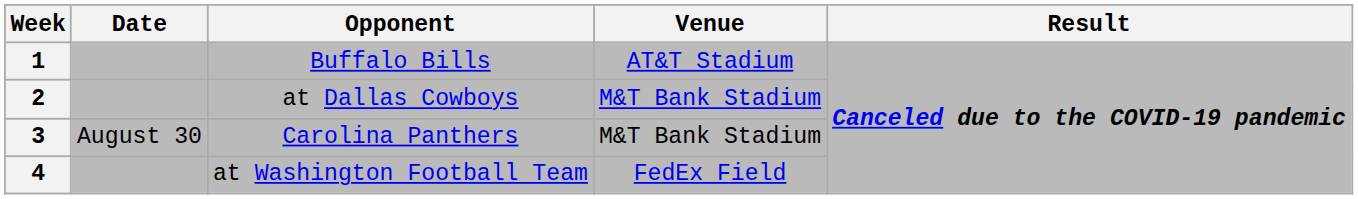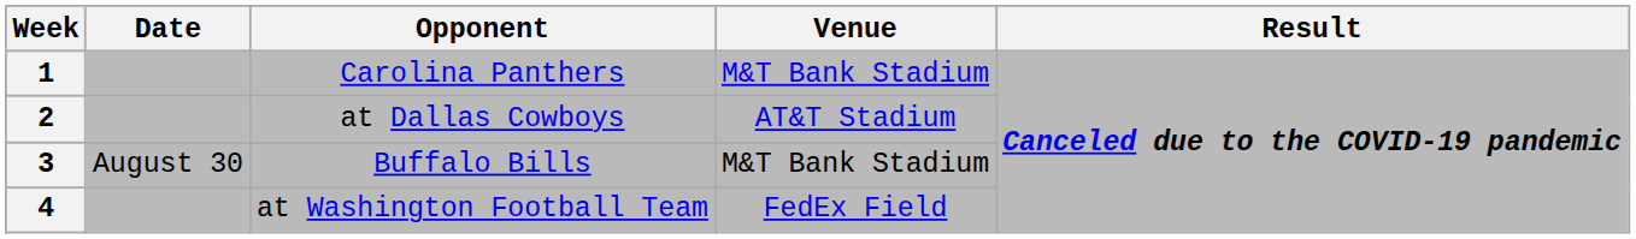 <table class="wikitable" style="text-align:center">
 <tr>
 <th>Week</th>
 <th>Date</th>
 <th>Opponent</th>
 <th>Venue</th>
 <th>Result</th>
 </tr>
 <tr style="background:#bababa">
 <th>1</th>
 <td></td>
-<td><a href='#'>Buffalo Bills</a></td>
-<td><a href='#'>AT&T Stadium</a></td>
+<td><a href='#'>Carolina Panthers</a></td>
+<td><a href='#'>M&T Bank Stadium</a></td>
 <td rowspan=4><strong><em><a href='#'>Canceled</a> due to the COVID-19 pandemic</em></strong></td>
 </tr>
 <tr style="background:#bababa">
 <th>2</th>
 <td></td>
 <td>at <a href='#'>Dallas Cowboys</a></td>
-<td><a href='#'>M&T Bank Stadium</a></td>
+<td><a href='#'>AT&T Stadium</a></td>
 </tr>
 <tr style="background:#bababa">
 <th>3</th>
 <td>August 30</td>
-<td><a href='#'>Carolina Panthers</a></td>
+<td><a href='#'>Buffalo Bills</a></td>
 <td>M&T Bank Stadium</td>
 </tr>
 <tr style="background:#bababa">
 <th>4</th>
 <td></td>
 <td>at <a href='#'>Washington Football Team</a></td>
 <td><a href='#'>FedEx Field</a></td>
 </tr>
 </table>
